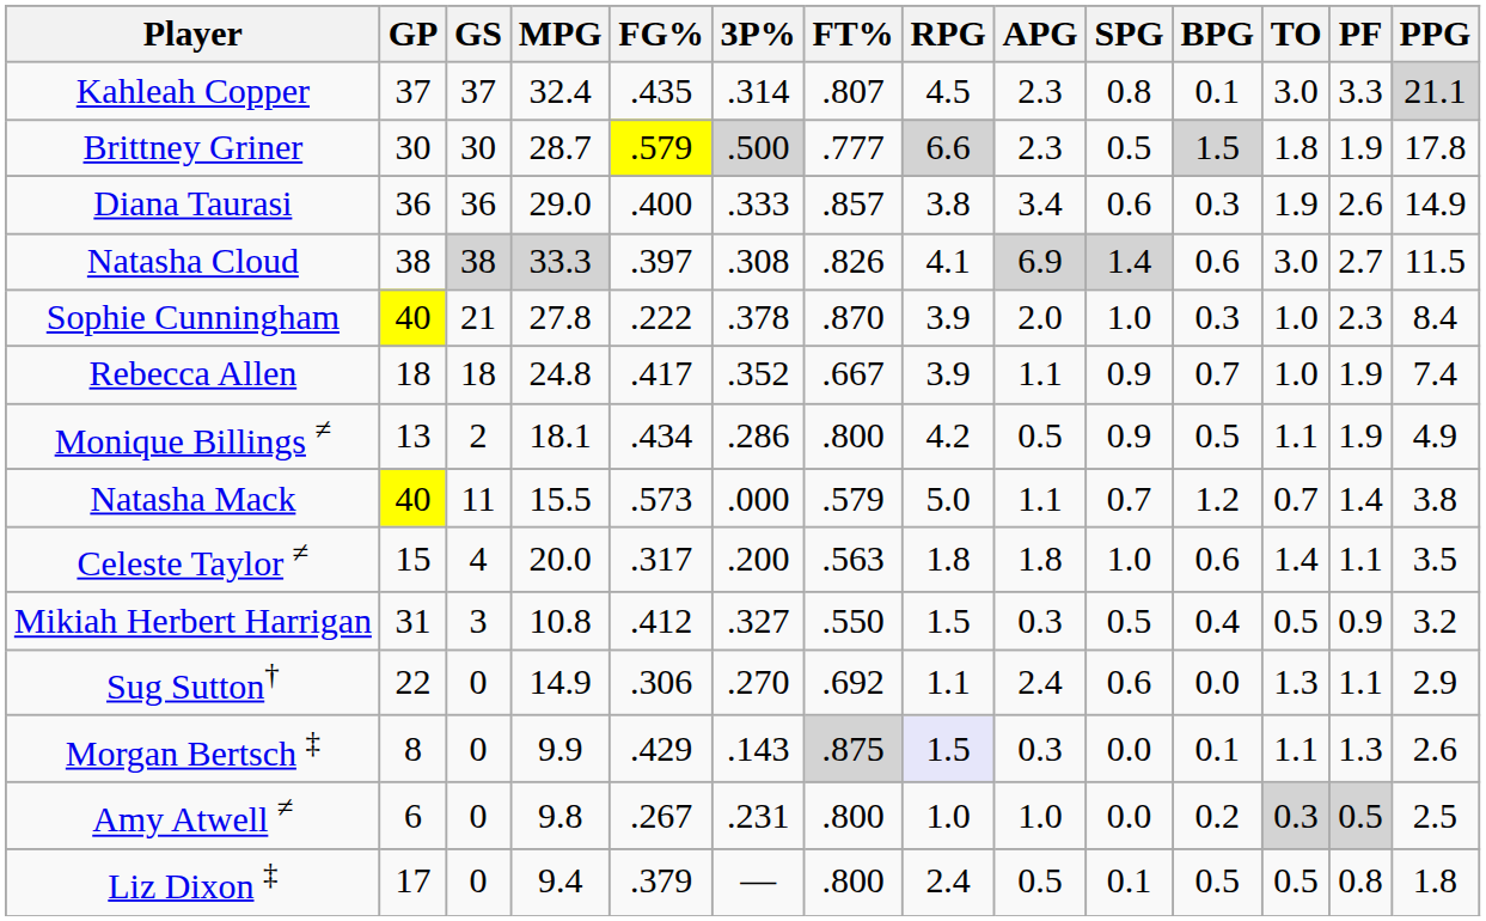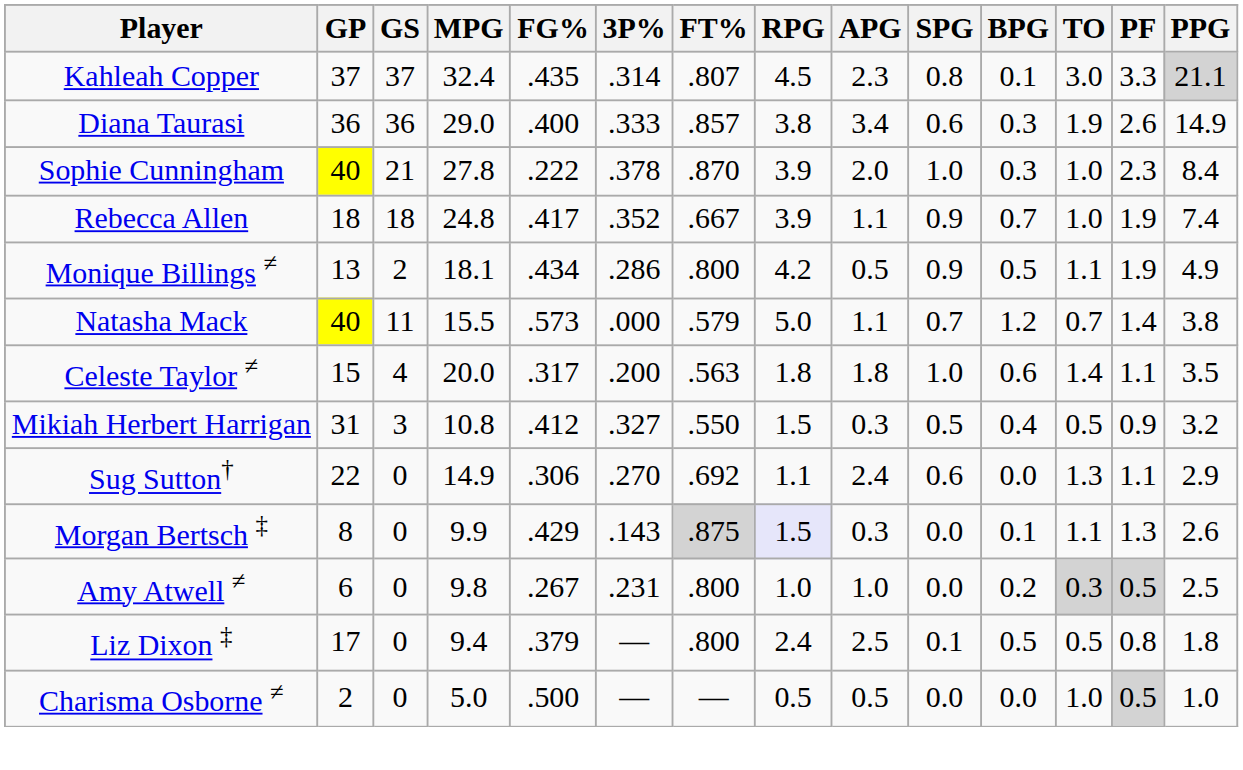 <table class="wikitable sortable" style="text-align:center;">
 <tr>
 <th>Player</th>
 <th>GP</th>
 <th>GS</th>
 <th>MPG</th>
 <th>FG%</th>
 <th>3P%</th>
 <th>FT%</th>
 <th>RPG</th>
 <th>APG</th>
 <th>SPG</th>
 <th>BPG</th>
 <th>TO</th>
 <th>PF</th>
 <th>PPG</th>
 </tr>
 <tr>
 <td><a href='#'>Kahleah Copper</a></td>
 <td>37</td>
 <td>37</td>
 <td>32.4</td>
 <td>.435</td>
 <td>.314</td>
 <td>.807</td>
 <td>4.5</td>
 <td>2.3</td>
 <td>0.8</td>
 <td>0.1</td>
 <td>3.0</td>
 <td>3.3</td>
 <td style="background:#D3D3D3;">21.1</td>
 </tr>
 <tr>
-<td><a href='#'>Brittney Griner</a></td>
-<td>30</td>
-<td>30</td>
-<td>28.7</td>
-<td style="background:yellow;">.579</td>
-<td style="background:#D3D3D3;">.500</td>
-<td>.777</td>
-<td style="background:#D3D3D3;">6.6</td>
-<td>2.3</td>
-<td>0.5</td>
-<td style="background:#D3D3D3;">1.5</td>
-<td>1.8</td>
-<td>1.9</td>
-<td>17.8</td>
-</tr>
-<tr>
 <td><a href='#'>Diana Taurasi</a></td>
 <td>36</td>
 <td>36</td>
 <td>29.0</td>
 <td>.400</td>
 <td>.333</td>
 <td>.857</td>
 <td>3.8</td>
 <td>3.4</td>
 <td>0.6</td>
 <td>0.3</td>
 <td>1.9</td>
 <td>2.6</td>
 <td>14.9</td>
-</tr>
-<tr>
-<td><a href='#'>Natasha Cloud</a></td>
-<td>38</td>
-<td style="background:#D3D3D3;">38</td>
-<td style="background:#D3D3D3;">33.3</td>
-<td>.397</td>
-<td>.308</td>
-<td>.826</td>
-<td>4.1</td>
-<td style="background:#D3D3D3;">6.9</td>
-<td style="background:#D3D3D3;">1.4</td>
-<td>0.6</td>
-<td>3.0</td>
-<td>2.7</td>
-<td>11.5</td>
 </tr>
 <tr>
 <td><a href='#'>Sophie Cunningham</a></td>
 <td style="background:yellow;">40</td>
 <td>21</td>
 <td>27.8</td>
 <td>.222</td>
 <td>.378</td>
 <td>.870</td>
 <td>3.9</td>
 <td>2.0</td>
 <td>1.0</td>
 <td>0.3</td>
 <td>1.0</td>
 <td>2.3</td>
 <td>8.4</td>
 </tr>
 <tr>
 <td><a href='#'>Rebecca Allen</a></td>
 <td>18</td>
 <td>18</td>
 <td>24.8</td>
 <td>.417</td>
 <td>.352</td>
 <td>.667</td>
 <td>3.9</td>
 <td>1.1</td>
 <td>0.9</td>
 <td>0.7</td>
 <td>1.0</td>
 <td>1.9</td>
 <td>7.4</td>
 </tr>
 <tr>
 <td><a href='#'>Monique Billings</a> <sup>≠</sup></td>
 <td>13</td>
 <td>2</td>
 <td>18.1</td>
 <td>.434</td>
 <td>.286</td>
 <td>.800</td>
 <td>4.2</td>
 <td>0.5</td>
 <td>0.9</td>
 <td>0.5</td>
 <td>1.1</td>
 <td>1.9</td>
 <td>4.9</td>
 </tr>
 <tr>
 <td><a href='#'>Natasha Mack</a></td>
 <td style="background:yellow;">40</td>
 <td>11</td>
 <td>15.5</td>
 <td>.573</td>
 <td>.000</td>
 <td>.579</td>
 <td>5.0</td>
 <td>1.1</td>
 <td>0.7</td>
 <td>1.2</td>
 <td>0.7</td>
 <td>1.4</td>
 <td>3.8</td>
 </tr>
 <tr>
 <td><a href='#'>Celeste Taylor</a> <sup>≠</sup></td>
 <td>15</td>
 <td>4</td>
 <td>20.0</td>
 <td>.317</td>
 <td>.200</td>
 <td>.563</td>
 <td>1.8</td>
 <td>1.8</td>
 <td>1.0</td>
 <td>0.6</td>
 <td>1.4</td>
 <td>1.1</td>
 <td>3.5</td>
 </tr>
 <tr>
 <td><a href='#'>Mikiah Herbert Harrigan</a></td>
 <td>31</td>
 <td>3</td>
 <td>10.8</td>
 <td>.412</td>
 <td>.327</td>
 <td>.550</td>
 <td>1.5</td>
 <td>0.3</td>
 <td>0.5</td>
 <td>0.4</td>
 <td>0.5</td>
 <td>0.9</td>
 <td>3.2</td>
 </tr>
 <tr>
 <td><a href='#'>Sug Sutton</a><sup>†</sup></td>
 <td>22</td>
 <td>0</td>
 <td>14.9</td>
 <td>.306</td>
 <td>.270</td>
 <td>.692</td>
 <td>1.1</td>
 <td>2.4</td>
 <td>0.6</td>
 <td>0.0</td>
 <td>1.3</td>
 <td>1.1</td>
 <td>2.9</td>
 </tr>
 <tr>
 <td><a href='#'>Morgan Bertsch</a> <sup>‡</sup></td>
 <td>8</td>
 <td>0</td>
 <td>9.9</td>
 <td>.429</td>
 <td>.143</td>
 <td style="background:#D3D3D3;">.875</td>
 <td style="background: lavender;">1.5</td>
 <td>0.3</td>
 <td>0.0</td>
 <td>0.1</td>
 <td>1.1</td>
 <td>1.3</td>
 <td>2.6</td>
 </tr>
 <tr>
 <td><a href='#'>Amy Atwell</a> <sup>≠</sup></td>
 <td>6</td>
 <td>0</td>
 <td>9.8</td>
 <td>.267</td>
 <td>.231</td>
 <td>.800</td>
 <td>1.0</td>
 <td>1.0</td>
 <td>0.0</td>
 <td>0.2</td>
 <td style="background:#D3D3D3;">0.3</td>
 <td style="background:#D3D3D3;">0.5</td>
 <td>2.5</td>
 </tr>
 <tr>
 <td><a href='#'>Liz Dixon</a> <sup>‡</sup></td>
 <td>17</td>
 <td>0</td>
 <td>9.4</td>
 <td>.379</td>
 <td>—</td>
 <td>.800</td>
 <td>2.4</td>
-<td>0.5</td>
+<td>2.5</td>
 <td>0.1</td>
 <td>0.5</td>
 <td>0.5</td>
 <td>0.8</td>
 <td>1.8</td>
 </tr>
+<tr>
+<td><a href='#'>Charisma Osborne</a> <sup>≠</sup></td>
+<td>2</td>
+<td>0</td>
+<td>5.0</td>
+<td>.500</td>
+<td>—</td>
+<td>—</td>
+<td>0.5</td>
+<td>0.5</td>
+<td>0.0</td>
+<td>0.0</td>
+<td>1.0</td>
+<td style="background:#D3D3D3;">0.5</td>
+<td>1.0</td>
+</tr>
 </table>
